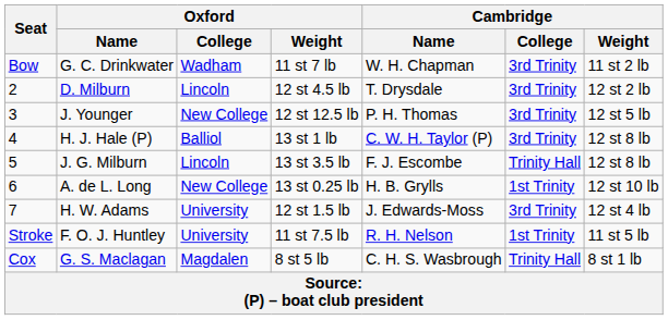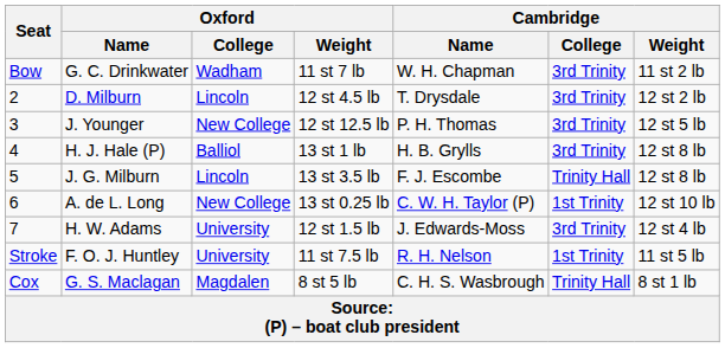 <table class="wikitable">
 <tr>
 <th rowspan="2" scope="col">Seat</th>
 <th colspan="3" scope="col">Oxford <br> </th>
 <th colspan="3" scope="col">Cambridge <br> </th>
 </tr>
 <tr>
 <th>Name</th>
 <th>College</th>
 <th>Weight</th>
 <th>Name</th>
 <th>College</th>
 <th>Weight</th>
 </tr>
 <tr>
 <td><a href='#'>Bow</a></td>
 <td>G. C. Drinkwater</td>
 <td><a href='#'>Wadham</a></td>
 <td>11 st 7 lb</td>
 <td>W. H. Chapman</td>
 <td><a href='#'>3rd Trinity</a></td>
 <td>11 st 2 lb</td>
 </tr>
 <tr>
 <td>2</td>
 <td><a href='#'>D. Milburn</a></td>
 <td><a href='#'>Lincoln</a></td>
 <td>12 st 4.5 lb</td>
 <td>T. Drysdale</td>
 <td><a href='#'>3rd Trinity</a></td>
 <td>12 st 2 lb</td>
 </tr>
 <tr>
 <td>3</td>
 <td>J. Younger</td>
 <td><a href='#'>New College</a></td>
 <td>12 st 12.5 lb</td>
 <td>P. H. Thomas</td>
 <td><a href='#'>3rd Trinity</a></td>
 <td>12 st 5 lb</td>
 </tr>
 <tr>
 <td>4</td>
 <td>H. J. Hale (P)</td>
 <td><a href='#'>Balliol</a></td>
 <td>13 st 1 lb</td>
-<td><a href='#'>C. W. H. Taylor</a> (P)</td>
+<td>H. B. Grylls</td>
 <td><a href='#'>3rd Trinity</a></td>
 <td>12 st 8 lb</td>
 </tr>
 <tr>
 <td>5</td>
 <td>J. G. Milburn</td>
 <td><a href='#'>Lincoln</a></td>
 <td>13 st 3.5 lb</td>
 <td>F. J. Escombe</td>
 <td><a href='#'>Trinity Hall</a></td>
 <td>12 st 8 lb</td>
 </tr>
 <tr>
 <td>6</td>
 <td>A. de L. Long</td>
 <td><a href='#'>New College</a></td>
 <td>13 st 0.25 lb</td>
-<td>H. B. Grylls</td>
+<td><a href='#'>C. W. H. Taylor</a> (P)</td>
 <td><a href='#'>1st Trinity</a></td>
 <td>12 st 10 lb</td>
 </tr>
 <tr>
 <td>7</td>
 <td>H. W. Adams</td>
 <td><a href='#'>University</a></td>
 <td>12 st 1.5 lb</td>
 <td>J. Edwards-Moss</td>
 <td><a href='#'>3rd Trinity</a></td>
 <td>12 st 4 lb</td>
 </tr>
 <tr>
 <td><a href='#'>Stroke</a></td>
 <td>F. O. J. Huntley</td>
 <td><a href='#'>University</a></td>
 <td>11 st 7.5 lb</td>
 <td><a href='#'>R. H. Nelson</a></td>
 <td><a href='#'>1st Trinity</a></td>
 <td>11 st 5 lb</td>
 </tr>
 <tr>
 <td><a href='#'>Cox</a></td>
 <td><a href='#'>G. S. Maclagan</a></td>
 <td><a href='#'>Magdalen</a></td>
 <td>8 st 5 lb</td>
 <td>C. H. S. Wasbrough</td>
 <td><a href='#'>Trinity Hall</a></td>
 <td>8 st 1 lb</td>
 </tr>
 <tr>
 <th colspan="7">Source:<br>(P) – boat club president</th>
 </tr>
 </table>
